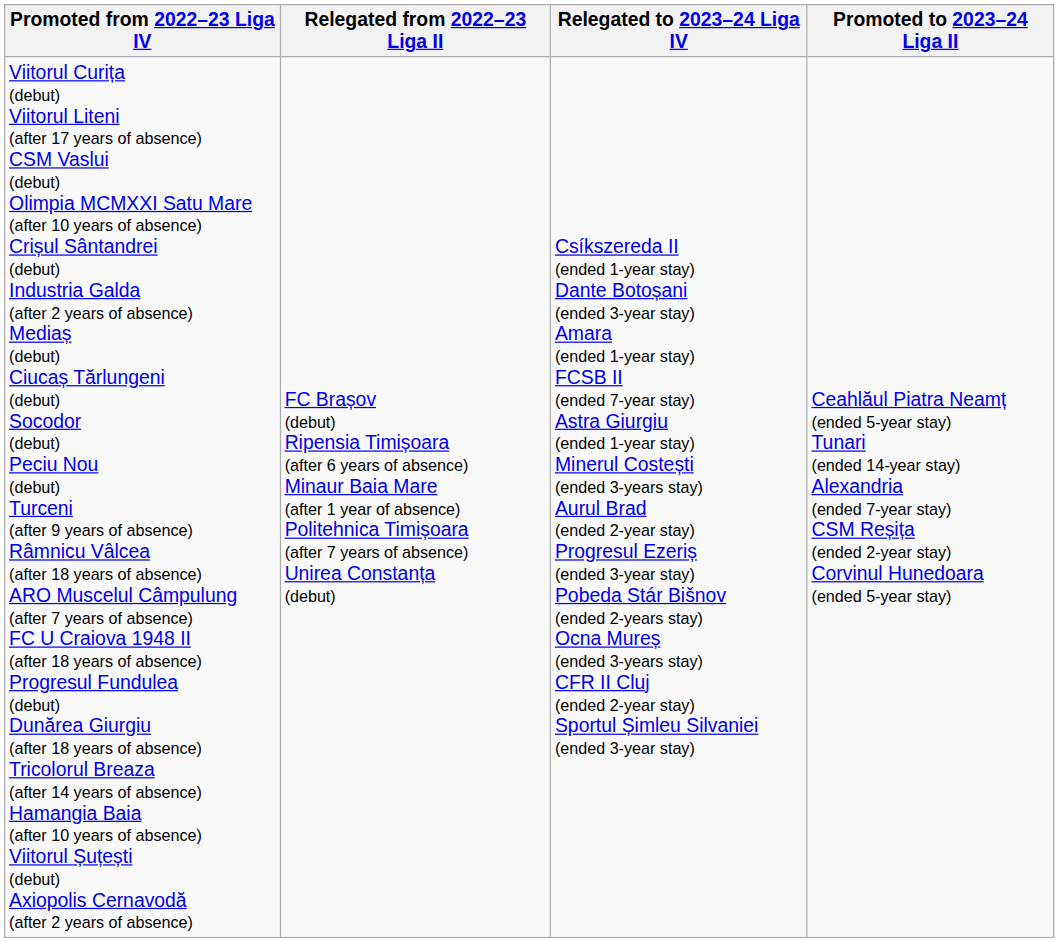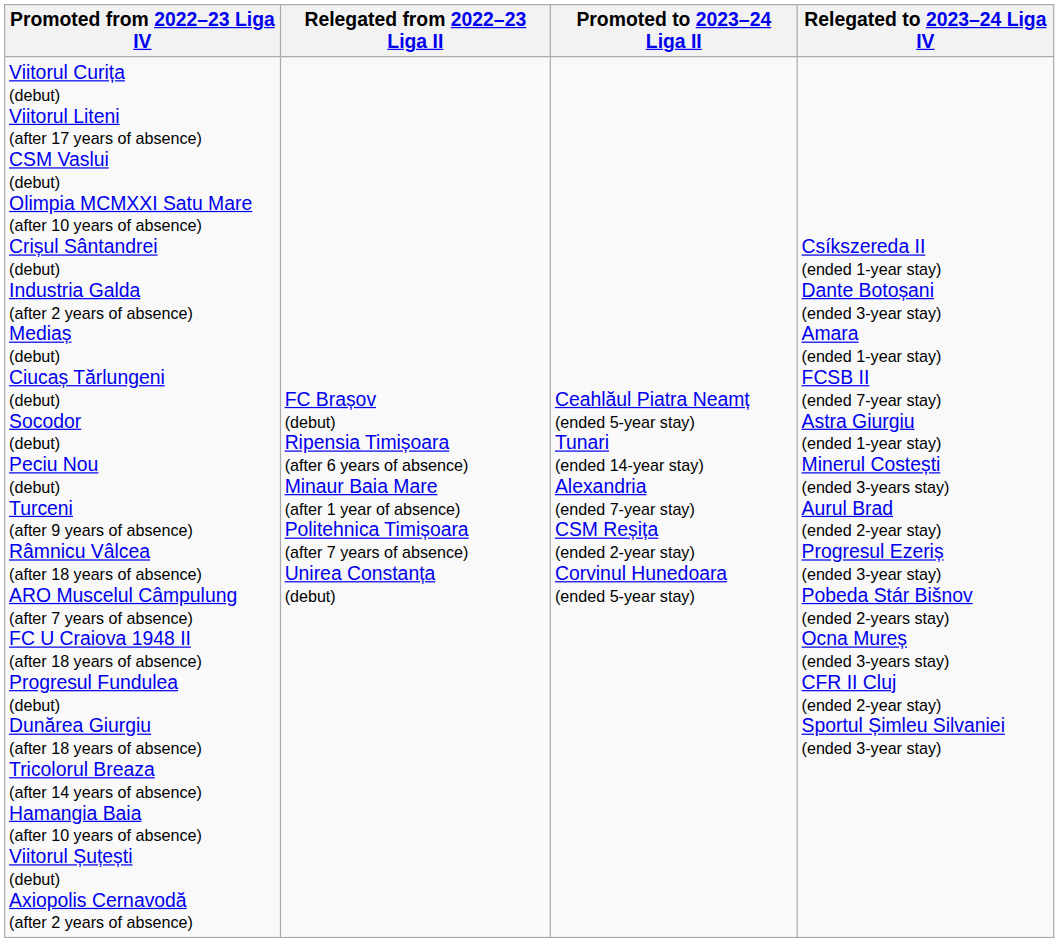 <table class="wikitable">
 <tr>
 <th>Promoted from <a href='#'>2022–23 Liga IV</a></th>
 <th>Relegated from <a href='#'>2022–23 Liga II</a></th>
+<th>Promoted to <a href='#'>2023–24 Liga II</a></th>
 <th>Relegated to <a href='#'>2023–24 Liga IV</a></th>
-<th>Promoted to <a href='#'>2023–24 Liga II</a></th>
 </tr>
 <tr>
 <td><a href='#'>Viitorul Curița</a> <br> <small>(debut)</small><br> <a href='#'>Viitorul Liteni</a> <br> <small>(after 17 years of absence)</small> <br> <a href='#'>CSM Vaslui</a> <br> <small>(debut)</small> <br> <a href='#'>Olimpia MCMXXI Satu Mare</a> <br> <small>(after 10 years of absence)</small> <br> <a href='#'>Crișul Sântandrei</a> <br> <small>(debut)</small> <br> <a href='#'>Industria Galda</a> <br> <small>(after 2 years of absence)</small> <br> <a href='#'>Mediaș</a> <br> <small>(debut)</small> <br> <a href='#'>Ciucaș Tărlungeni</a> <br> <small>(debut)</small> <br> <a href='#'>Socodor</a> <br> <small>(debut)</small> <br> <a href='#'>Peciu Nou</a> <br> <small>(debut)</small> <br> <a href='#'>Turceni</a> <br> <small>(after 9 years of absence)</small> <br> <a href='#'>Râmnicu Vâlcea</a> <br> <small>(after 18 years of absence)</small> <br> <a href='#'>ARO Muscelul Câmpulung</a> <br> <small>(after 7 years of absence)</small> <br> <a href='#'>FC U Craiova 1948 II</a> <br> <small>(after 18 years of absence)</small> <br> <a href='#'>Progresul Fundulea</a> <br> <small>(debut)</small> <br> <a href='#'>Dunărea Giurgiu</a> <br> <small>(after 18 years of absence)</small> <br> <a href='#'>Tricolorul Breaza</a> <br> <small>(after 14 years of absence)</small> <br> <a href='#'>Hamangia Baia</a> <br> <small>(after 10 years of absence)</small> <br> <a href='#'>Viitorul Șuțești</a> <br> <small>(debut)</small> <br> <a href='#'>Axiopolis Cernavodă</a> <br> <small>(after 2 years of absence)</small></td>
 <td><a href='#'>FC Brașov</a><br> <small>(debut)</small><br><a href='#'>Ripensia Timișoara</a><br> <small>(after 6 years of absence)</small><br><a href='#'>Minaur Baia Mare</a><br> <small>(after 1 year of absence)</small><br><a href='#'>Politehnica Timișoara</a><br> <small>(after 7 years of absence)</small><br><a href='#'>Unirea Constanța</a><br> <small>(debut)</small></td>
+<td><a href='#'>Ceahlăul Piatra Neamț</a><br><small>(ended 5-year stay)</small> <br> <a href='#'>Tunari</a> <br><small>(ended 14-year stay)</small> <br> <a href='#'>Alexandria</a> <br><small>(ended 7-year stay)</small> <br> <a href='#'>CSM Reșița</a> <br><small>(ended 2-year stay)</small> <br> <a href='#'>Corvinul Hunedoara</a> <br><small>(ended 5-year stay)</small></td>
 <td><a href='#'>Csíkszereda II</a> <br><small>(ended 1-year stay)</small> <br> <a href='#'>Dante Botoșani</a> <br><small>(ended 3-year stay)</small> <br> <a href='#'>Amara</a> <br><small>(ended 1-year stay)</small> <br> <a href='#'>FCSB II</a> <br><small>(ended 7-year stay)</small> <br> <a href='#'>Astra Giurgiu</a> <br><small>(ended 1-year stay)</small> <br> <a href='#'>Minerul Costești</a> <br><small>(ended 3-years stay)</small> <br> <a href='#'>Aurul Brad</a> <br><small>(ended 2-year stay)</small> <br> <a href='#'>Progresul Ezeriș</a> <br><small>(ended 3-year stay)</small> <br> <a href='#'>Pobeda Stár Bišnov</a> <br><small>(ended 2-years stay)</small> <br> <a href='#'>Ocna Mureș</a> <br><small>(ended 3-years stay)</small> <br> <a href='#'>CFR II Cluj</a> <br><small>(ended 2-year stay)</small> <br> <a href='#'>Sportul Șimleu Silvaniei</a> <br><small>(ended 3-year stay)</small></td>
-<td><a href='#'>Ceahlăul Piatra Neamț</a><br><small>(ended 5-year stay)</small> <br> <a href='#'>Tunari</a> <br><small>(ended 14-year stay)</small> <br> <a href='#'>Alexandria</a> <br><small>(ended 7-year stay)</small> <br> <a href='#'>CSM Reșița</a> <br><small>(ended 2-year stay)</small> <br> <a href='#'>Corvinul Hunedoara</a> <br><small>(ended 5-year stay)</small></td>
 </tr>
 </table>
